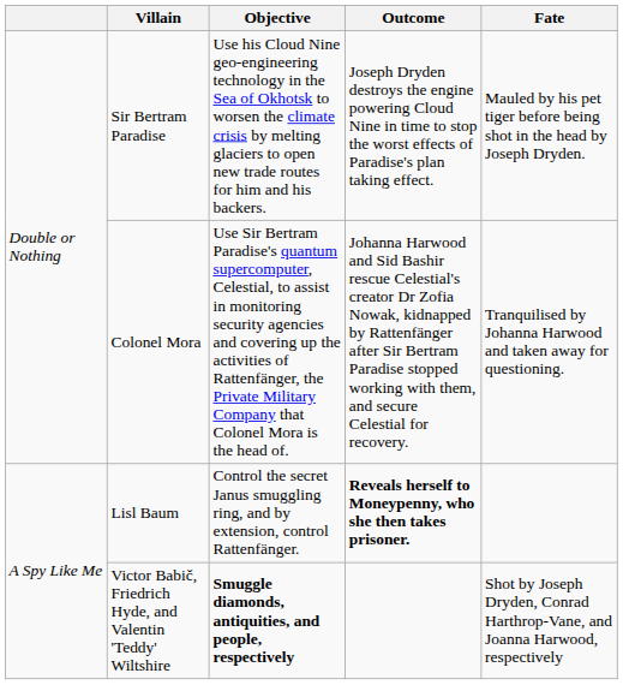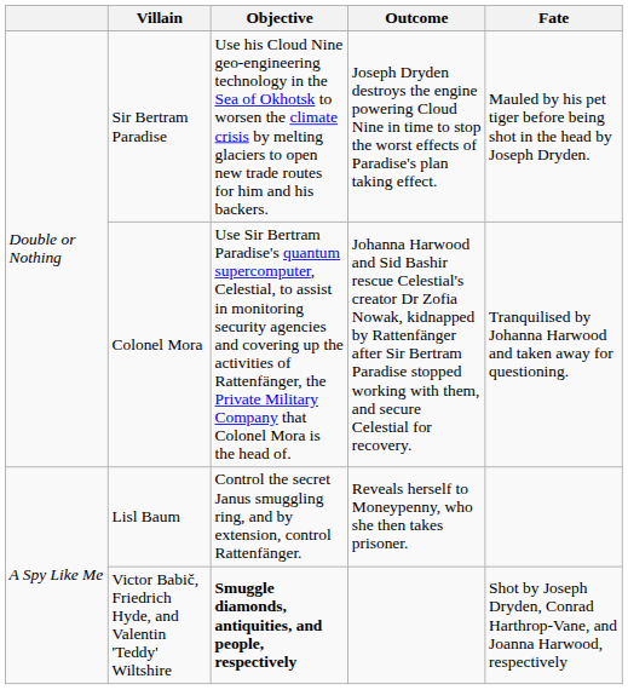 <table class="wikitable">
 <tr>
 <th style="width: 16.5%"></th>
 <th style="width: 16.5%">Villain</th>
 <th style="width: 22%">Objective</th>
 <th style="width: 22%">Outcome</th>
 <th style="width: 22%">Fate</th>
 </tr>
 <tr>
 <td rowspan="2"><em>Double or Nothing</em></td>
 <td>Sir Bertram Paradise</td>
 <td>Use his Cloud Nine geo-engineering technology in the <a href='#'>Sea of Okhotsk</a> to worsen the <a href='#'>climate crisis</a> by melting glaciers to open new trade routes for him and his backers.</td>
 <td>Joseph Dryden destroys the engine powering Cloud Nine in time to stop the worst effects of Paradise's plan taking effect.</td>
 <td>Mauled by his pet tiger before being shot in the head by Joseph Dryden.</td>
 </tr>
 <tr>
 <td>Colonel Mora</td>
 <td>Use Sir Bertram Paradise's <a href='#'>quantum supercomputer</a>, Celestial, to assist in monitoring security agencies and covering up the activities of Rattenfänger, the <a href='#'>Private Military Company</a> that Colonel Mora is the head of.</td>
 <td>Johanna Harwood and Sid Bashir rescue Celestial's creator Dr Zofia Nowak, kidnapped by Rattenfänger after Sir Bertram Paradise stopped working with them, and secure Celestial for recovery.</td>
 <td>Tranquilised by Johanna Harwood and taken away for questioning.</td>
 </tr>
 <tr>
 <td rowspan="2"><em>A Spy Like Me</em></td>
 <td>Lisl Baum</td>
 <td>Control the secret Janus smuggling ring, and by extension, control Rattenfänger.</td>
-<td><strong>Reveals herself to Moneypenny, who she then takes prisoner.</strong></td>
+<td>Reveals herself to Moneypenny, who she then takes prisoner.</td>
 <td></td>
 </tr>
 <tr>
 <td>Victor Babič, Friedrich Hyde, and Valentin 'Teddy' Wiltshire</td>
 <td><strong>Smuggle diamonds, antiquities, and people, respectively</strong></td>
 <td></td>
 <td>Shot by Joseph Dryden, Conrad Harthrop-Vane, and Joanna Harwood, respectively</td>
 </tr>
 </table>
